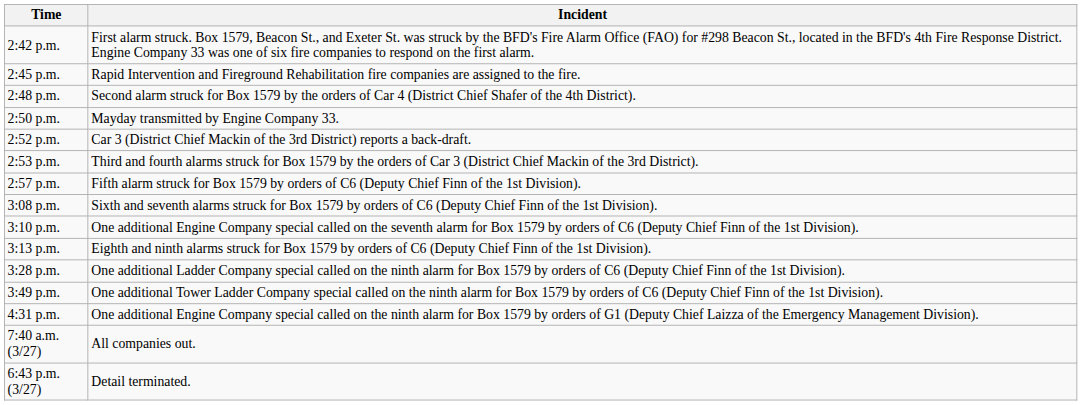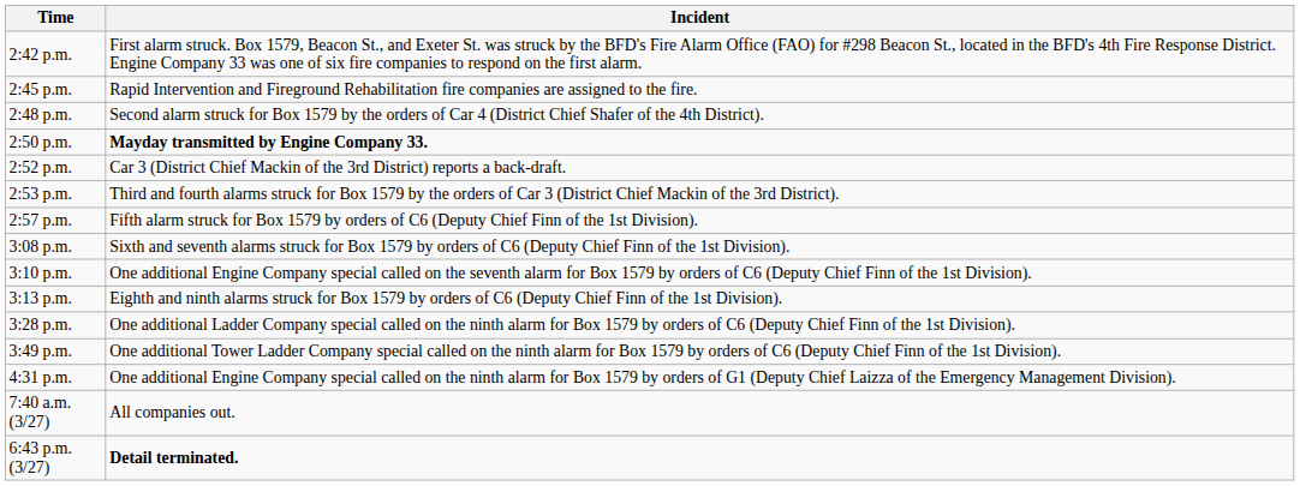 <table class=wikitable>
 <tr valign=bottom>
 <th>Time</th>
 <th>Incident</th>
 </tr>
 <tr>
 <td>2:42 p.m.</td>
 <td>First alarm struck. Box 1579, Beacon St., and Exeter St. was struck by the BFD's Fire Alarm Office (FAO) for #298 Beacon St., located in the BFD's 4th Fire Response District. Engine Company 33 was one of six fire companies to respond on the first alarm.</td>
 </tr>
 <tr>
 <td>2:45 p.m.</td>
 <td>Rapid Intervention and Fireground Rehabilitation fire companies are assigned to the fire.</td>
 </tr>
 <tr>
 <td>2:48 p.m.</td>
 <td>Second alarm struck for Box 1579 by the orders of Car 4 (District Chief Shafer of the 4th District).</td>
 </tr>
 <tr>
 <td>2:50 p.m.</td>
-<td>Mayday transmitted by Engine Company 33.</td>
+<td><strong>Mayday transmitted by Engine Company 33.</strong></td>
 </tr>
 <tr>
 <td>2:52 p.m.</td>
 <td>Car 3 (District Chief Mackin of the 3rd District) reports a back-draft.</td>
 </tr>
 <tr>
 <td>2:53 p.m.</td>
 <td>Third and fourth alarms struck for Box 1579 by the orders of Car 3 (District Chief Mackin of the 3rd District).</td>
 </tr>
 <tr>
 <td>2:57 p.m.</td>
 <td>Fifth alarm struck for Box 1579 by orders of C6 (Deputy Chief Finn of the 1st Division).</td>
 </tr>
 <tr>
 <td>3:08 p.m.</td>
 <td>Sixth and seventh alarms struck for Box 1579 by orders of C6 (Deputy Chief Finn of the 1st Division).</td>
 </tr>
 <tr>
 <td>3:10 p.m.</td>
 <td>One additional Engine Company special called on the seventh alarm for Box 1579 by orders of C6 (Deputy Chief Finn of the 1st Division).</td>
 </tr>
 <tr>
 <td>3:13 p.m.</td>
 <td>Eighth and ninth alarms struck for Box 1579 by orders of C6 (Deputy Chief Finn of the 1st Division).</td>
 </tr>
 <tr>
 <td>3:28 p.m.</td>
 <td>One additional Ladder Company special called on the ninth alarm for Box 1579 by orders of C6 (Deputy Chief Finn of the 1st Division).</td>
 </tr>
 <tr>
 <td>3:49 p.m.</td>
 <td>One additional Tower Ladder Company special called on the ninth alarm for Box 1579 by orders of C6 (Deputy Chief Finn of the 1st Division).</td>
 </tr>
 <tr>
 <td>4:31 p.m.</td>
 <td>One additional Engine Company special called on the ninth alarm for Box 1579 by orders of G1 (Deputy Chief Laizza of the Emergency Management Division).</td>
 </tr>
 <tr>
 <td>7:40 a.m. (3/27)</td>
 <td>All companies out.</td>
 </tr>
 <tr>
 <td>6:43 p.m. (3/27)</td>
-<td>Detail terminated.</td>
+<td><strong>Detail terminated.</strong></td>
 </tr>
 </table>
